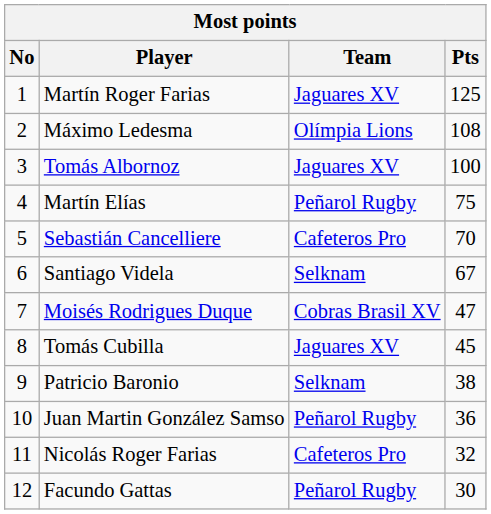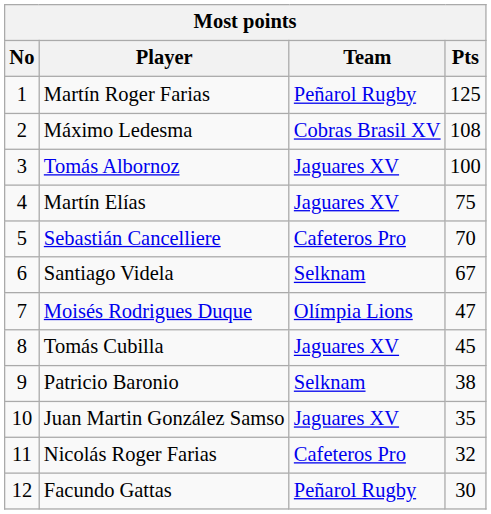 <table class="wikitable sortable" style="text-align:left; line-height:130%; font-size:100%; width:;">
 <tr>
 <th colspan="100%">Most points</th>
 </tr>
 <tr>
 <th style="width:">No</th>
 <th style="width:">Player</th>
 <th style="width:">Team</th>
 <th style="width:">Pts<br></th>
 </tr>
 <tr>
 <td style="text-align:center;">1</td>
 <td> Martín Roger Farias</td>
-<td> <a href='#'>Jaguares XV</a></td>
+<td> <a href='#'>Peñarol Rugby</a></td>
 <td style="text-align:center;">125</td>
 </tr>
 <tr>
 <td style="text-align:center;">2</td>
 <td> Máximo Ledesma</td>
-<td> <a href='#'>Olímpia Lions</a></td>
+<td> <a href='#'>Cobras Brasil XV</a></td>
 <td style="text-align:center;">108</td>
 </tr>
 <tr>
 <td style="text-align:center;">3</td>
 <td> <a href='#'>Tomás Albornoz</a></td>
 <td> <a href='#'>Jaguares XV</a></td>
 <td style="text-align:center;">100</td>
 </tr>
 <tr>
 <td style="text-align:center;">4</td>
 <td> Martín Elías</td>
-<td> <a href='#'>Peñarol Rugby</a></td>
+<td> <a href='#'>Jaguares XV</a></td>
 <td style="text-align:center;">75</td>
 </tr>
 <tr>
 <td style="text-align:center;">5</td>
 <td> <a href='#'>Sebastián Cancelliere</a></td>
 <td> <a href='#'>Cafeteros Pro</a></td>
 <td style="text-align:center;">70</td>
 </tr>
 <tr>
 <td style="text-align:center;">6</td>
 <td> Santiago Videla</td>
 <td> <a href='#'>Selknam</a></td>
 <td style="text-align:center;">67</td>
 </tr>
 <tr>
 <td style="text-align:center;">7</td>
 <td> <a href='#'>Moisés Rodrigues Duque</a></td>
-<td> <a href='#'>Cobras Brasil XV</a></td>
+<td> <a href='#'>Olímpia Lions</a></td>
 <td style="text-align:center;">47</td>
 </tr>
 <tr>
 <td style="text-align:center;">8</td>
 <td> Tomás Cubilla</td>
 <td> <a href='#'>Jaguares XV</a></td>
 <td style="text-align:center;">45</td>
 </tr>
 <tr>
 <td style="text-align:center;">9</td>
 <td> Patricio Baronio</td>
 <td> <a href='#'>Selknam</a></td>
 <td style="text-align:center;">38</td>
 </tr>
 <tr>
 <td style="text-align:center;">10</td>
 <td> Juan Martin González Samso</td>
-<td> <a href='#'>Peñarol Rugby</a></td>
-<td style="text-align:center;">36</td>
+<td> <a href='#'>Jaguares XV</a></td>
+<td style="text-align:center;">35</td>
 </tr>
 <tr>
 <td style="text-align:center;">11</td>
 <td> Nicolás Roger Farias</td>
 <td> <a href='#'>Cafeteros Pro</a></td>
 <td style="text-align:center;">32</td>
 </tr>
 <tr>
 <td style="text-align:center;">12</td>
 <td> Facundo Gattas</td>
 <td> <a href='#'>Peñarol Rugby</a></td>
 <td style="text-align:center;">30</td>
 </tr>
 </table>
